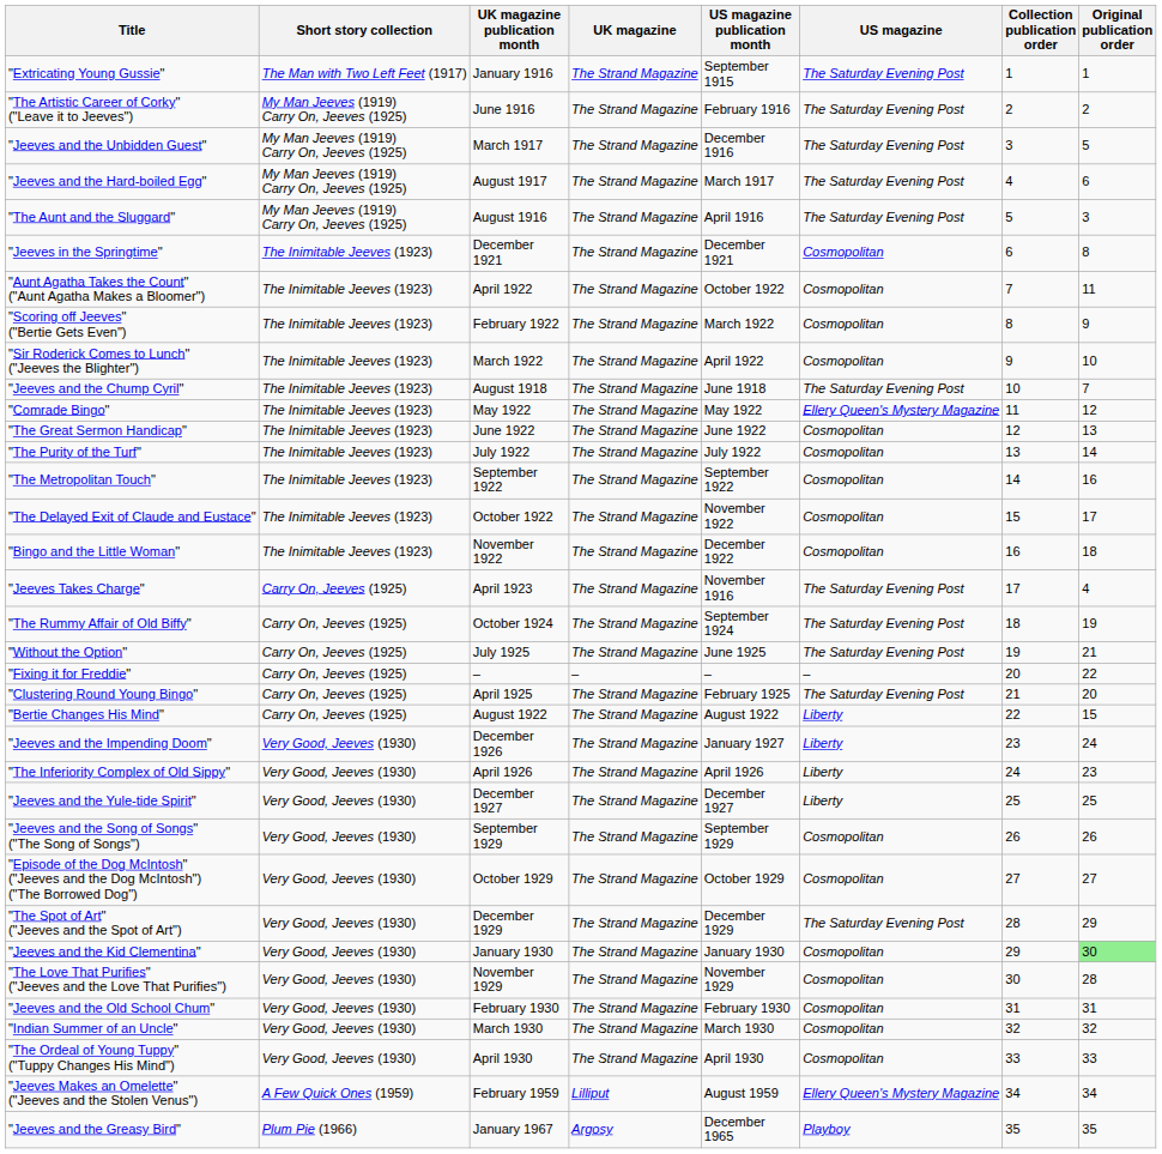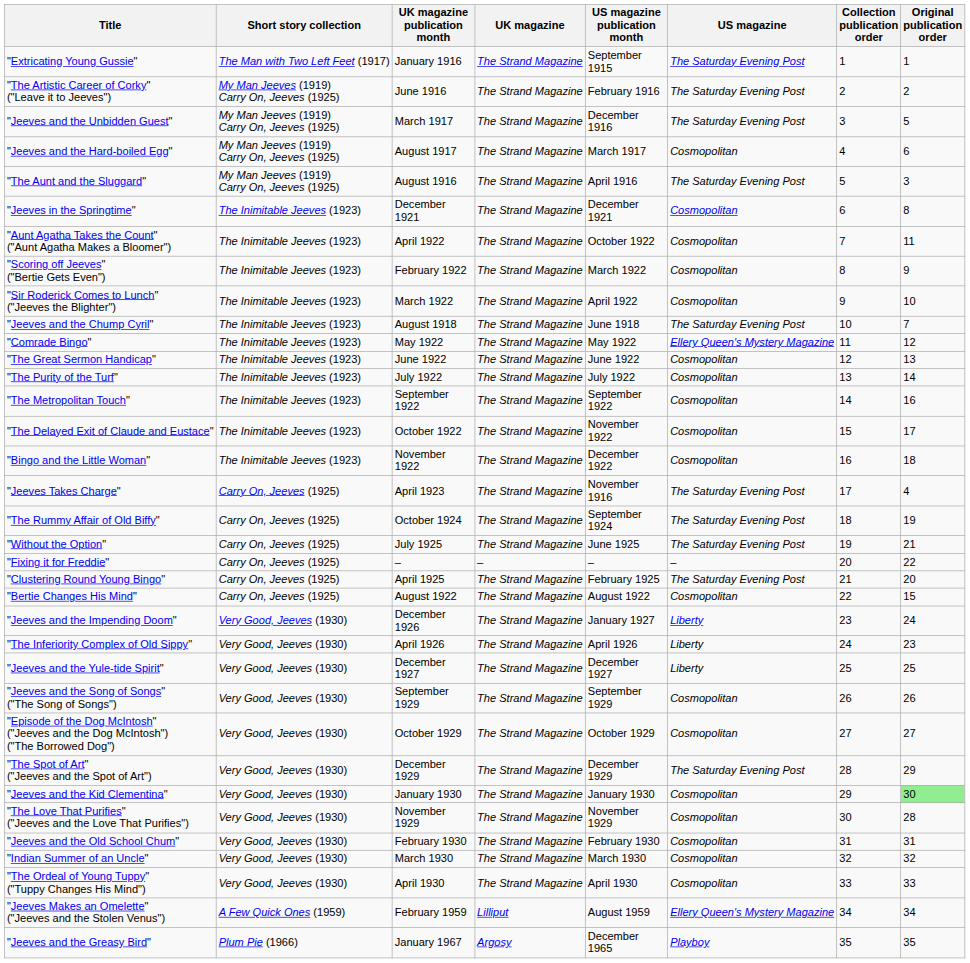 <table class="wikitable sortable">
 <tr>
 <th>Title</th>
 <th>Short story collection</th>
 <th style="width: 7em;">UK magazine publication month</th>
 <th>UK magazine</th>
 <th style="width: 7em;">US magazine publication month</th>
 <th>US magazine</th>
 <th style="width: 1em;">Collection publication order</th>
 <th style="width: 1em;">Original publication order</th>
 </tr>
 <tr>
 <td>"<a href='#'>Extricating Young Gussie</a>"</td>
 <td data-sort-value="1917"><em><a href='#'>The Man with Two Left Feet</a></em> (1917)</td>
 <td data-sort-value="1916-01">January 1916</td>
 <td data-sort-value="Strand"><em><a href='#'>The Strand Magazine</a></em></td>
 <td data-sort-value="1915-09">September 1915</td>
 <td data-sort-value="Saturday"><em><a href='#'>The Saturday Evening Post</a></em></td>
 <td>1</td>
 <td>1</td>
 </tr>
 <tr>
 <td>"<a href='#'>The Artistic Career of Corky</a>"<br>("Leave it to Jeeves")</td>
 <td data-sort-value="1919"><em><a href='#'>My Man Jeeves</a></em> (1919)<br><em>Carry On, Jeeves</em> (1925)<br></td>
 <td data-sort-value="1916-06">June 1916</td>
 <td data-sort-value="Strand"><em>The Strand Magazine</em></td>
 <td data-sort-value="1916-02">February 1916</td>
 <td data-sort-value="Saturday"><em>The Saturday Evening Post</em></td>
 <td>2</td>
 <td>2</td>
 </tr>
 <tr>
 <td>"<a href='#'>Jeeves and the Unbidden Guest</a>"</td>
 <td data-sort-value="1919"><em>My Man Jeeves</em> (1919)<br><em>Carry On, Jeeves</em> (1925)</td>
 <td data-sort-value="1917-03">March 1917</td>
 <td data-sort-value="Strand"><em>The Strand Magazine</em></td>
 <td data-sort-value="1916-12">December 1916</td>
 <td data-sort-value="Saturday"><em>The Saturday Evening Post</em></td>
 <td>3</td>
 <td>5</td>
 </tr>
 <tr>
 <td>"<a href='#'>Jeeves and the Hard-boiled Egg</a>"</td>
 <td data-sort-value="1919"><em>My Man Jeeves</em> (1919)<br><em>Carry On, Jeeves</em> (1925)</td>
 <td data-sort-value="1917-08">August 1917</td>
 <td data-sort-value="Strand"><em>The Strand Magazine</em></td>
 <td data-sort-value="1917-03">March 1917</td>
-<td data-sort-value="Saturday"><em>The Saturday Evening Post</em></td>
+<td><em>Cosmopolitan</em></td>
 <td>4</td>
 <td>6</td>
 </tr>
 <tr>
 <td>"<a href='#'>The Aunt and the Sluggard</a>"</td>
 <td data-sort-value="1919"><em>My Man Jeeves</em> (1919)<br><em>Carry On, Jeeves</em> (1925)</td>
 <td data-sort-value="1916-08">August 1916</td>
 <td data-sort-value="Strand"><em>The Strand Magazine</em></td>
 <td data-sort-value="1916-04">April 1916</td>
 <td data-sort-value="Saturday"><em>The Saturday Evening Post</em></td>
 <td>5</td>
 <td>3</td>
 </tr>
 <tr>
 <td>"<a href='#'>Jeeves in the Springtime</a>"</td>
 <td data-sort-value="1923"><em><a href='#'>The Inimitable Jeeves</a></em> (1923)</td>
 <td data-sort-value="1921-12">December 1921</td>
 <td data-sort-value="Strand"><em>The Strand Magazine</em></td>
 <td data-sort-value="1921-12">December 1921</td>
 <td><em><a href='#'>Cosmopolitan</a></em></td>
 <td>6</td>
 <td>8</td>
 </tr>
 <tr>
 <td>"<a href='#'>Aunt Agatha Takes the Count</a>"<br>("Aunt Agatha Makes a Bloomer")</td>
 <td data-sort-value="1923"><em>The Inimitable Jeeves</em> (1923)</td>
 <td data-sort-value="1922-04">April 1922</td>
 <td data-sort-value="Strand"><em>The Strand Magazine</em></td>
 <td data-sort-value="1922-10">October 1922</td>
 <td><em>Cosmopolitan</em></td>
 <td>7</td>
 <td>11</td>
 </tr>
 <tr>
 <td>"<a href='#'>Scoring off Jeeves</a>"<br>("Bertie Gets Even")</td>
 <td data-sort-value="1923"><em>The Inimitable Jeeves</em> (1923)</td>
 <td data-sort-value="1922-02">February 1922</td>
 <td data-sort-value="Strand"><em>The Strand Magazine</em></td>
 <td data-sort-value="1922-03">March 1922</td>
 <td><em>Cosmopolitan</em></td>
 <td>8</td>
 <td>9</td>
 </tr>
 <tr>
 <td>"<a href='#'>Sir Roderick Comes to Lunch</a>"<br>("Jeeves the Blighter")</td>
 <td data-sort-value="1923"><em>The Inimitable Jeeves</em> (1923)</td>
 <td data-sort-value="1922-03">March 1922</td>
 <td data-sort-value="Strand"><em>The Strand Magazine</em></td>
 <td data-sort-value="1922-04">April 1922</td>
 <td><em>Cosmopolitan</em></td>
 <td>9</td>
 <td>10</td>
 </tr>
 <tr>
 <td>"<a href='#'>Jeeves and the Chump Cyril</a>"</td>
 <td data-sort-value="1923"><em>The Inimitable Jeeves</em> (1923)</td>
 <td data-sort-value="1918-08">August 1918</td>
 <td data-sort-value="Strand"><em>The Strand Magazine</em></td>
 <td data-sort-value="1918-06">June 1918</td>
 <td data-sort-value="Saturday"><em>The Saturday Evening Post</em></td>
 <td>10</td>
 <td>7</td>
 </tr>
 <tr>
 <td>"<a href='#'>Comrade Bingo</a>"</td>
 <td data-sort-value="1923"><em>The Inimitable Jeeves</em> (1923)</td>
 <td data-sort-value="1922-05">May 1922</td>
 <td data-sort-value="Strand"><em>The Strand Magazine</em></td>
 <td data-sort-value="1922-05">May 1922</td>
 <td><em><a href='#'>Ellery Queen's Mystery Magazine</a></em></td>
 <td>11</td>
 <td>12</td>
 </tr>
 <tr>
 <td>"<a href='#'>The Great Sermon Handicap</a>"</td>
 <td data-sort-value="1923"><em>The Inimitable Jeeves</em> (1923)</td>
 <td data-sort-value="1922-06">June 1922</td>
 <td data-sort-value="Strand"><em>The Strand Magazine</em></td>
 <td data-sort-value="1922-06">June 1922</td>
 <td><em>Cosmopolitan</em></td>
 <td>12</td>
 <td>13</td>
 </tr>
 <tr>
 <td>"<a href='#'>The Purity of the Turf</a>"</td>
 <td data-sort-value="1923"><em>The Inimitable Jeeves</em> (1923)</td>
 <td data-sort-value="1922-07">July 1922</td>
 <td data-sort-value="Strand"><em>The Strand Magazine</em></td>
 <td data-sort-value="1922-07">July 1922</td>
 <td><em>Cosmopolitan</em></td>
 <td>13</td>
 <td>14</td>
 </tr>
 <tr>
 <td>"<a href='#'>The Metropolitan Touch</a>"</td>
 <td data-sort-value="1923"><em>The Inimitable Jeeves</em> (1923)</td>
 <td data-sort-value="1922-09">September 1922</td>
 <td data-sort-value="Strand"><em>The Strand Magazine</em></td>
 <td data-sort-value="1922-09">September 1922</td>
 <td><em>Cosmopolitan</em></td>
 <td>14</td>
 <td>16</td>
 </tr>
 <tr>
 <td>"<a href='#'>The Delayed Exit of Claude and Eustace</a>"</td>
 <td data-sort-value="1923"><em>The Inimitable Jeeves</em> (1923)</td>
 <td data-sort-value="1922-10">October 1922</td>
 <td data-sort-value="Strand"><em>The Strand Magazine</em></td>
 <td data-sort-value="1922-11">November 1922</td>
 <td><em>Cosmopolitan</em></td>
 <td>15</td>
 <td>17</td>
 </tr>
 <tr>
 <td>"<a href='#'>Bingo and the Little Woman</a>"</td>
 <td data-sort-value="1923"><em>The Inimitable Jeeves</em> (1923)</td>
 <td data-sort-value="1922-11">November 1922</td>
 <td data-sort-value="Strand"><em>The Strand Magazine</em></td>
 <td data-sort-value="1922-12">December 1922</td>
 <td><em>Cosmopolitan</em></td>
 <td>16</td>
 <td>18</td>
 </tr>
 <tr>
 <td>"<a href='#'>Jeeves Takes Charge</a>"</td>
 <td data-sort-value="1925"><em><a href='#'>Carry On, Jeeves</a></em> (1925)</td>
 <td data-sort-value="1923-04">April 1923</td>
 <td data-sort-value="Strand"><em>The Strand Magazine</em></td>
 <td data-sort-value="1916-11">November 1916</td>
 <td data-sort-value="Saturday"><em>The Saturday Evening Post</em></td>
 <td>17</td>
 <td>4</td>
 </tr>
 <tr>
 <td>"<a href='#'>The Rummy Affair of Old Biffy</a>"</td>
 <td data-sort-value="1925"><em>Carry On, Jeeves</em> (1925)</td>
 <td data-sort-value="1924-10">October 1924</td>
 <td data-sort-value="Strand"><em>The Strand Magazine</em></td>
 <td data-sort-value="1924-09">September 1924</td>
 <td data-sort-value="Saturday"><em>The Saturday Evening Post</em></td>
 <td>18</td>
 <td>19</td>
 </tr>
 <tr>
 <td>"<a href='#'>Without the Option</a>"</td>
 <td data-sort-value="1925"><em>Carry On, Jeeves</em> (1925)</td>
 <td data-sort-value="1925-07">July 1925</td>
 <td data-sort-value="Strand"><em>The Strand Magazine</em></td>
 <td data-sort-value="1925-06">June 1925</td>
 <td data-sort-value="Saturday"><em>The Saturday Evening Post</em></td>
 <td>19</td>
 <td>21</td>
 </tr>
 <tr>
 <td>"<a href='#'>Fixing it for Freddie</a>"</td>
 <td data-sort-value="1925"><em>Carry On, Jeeves</em> (1925)</td>
 <td data-sort-value="9999">–</td>
 <td data-sort-value="zz">–</td>
 <td data-sort-value="9999">–</td>
 <td data-sort-value="zz">–</td>
 <td>20</td>
 <td>22</td>
 </tr>
 <tr>
 <td>"<a href='#'>Clustering Round Young Bingo</a>"</td>
 <td data-sort-value="1925"><em>Carry On, Jeeves</em> (1925)</td>
 <td data-sort-value="1925-04">April 1925</td>
 <td data-sort-value="Strand"><em>The Strand Magazine</em></td>
 <td data-sort-value="1925-02">February 1925</td>
 <td data-sort-value="Saturday"><em>The Saturday Evening Post</em></td>
 <td>21</td>
 <td>20</td>
 </tr>
 <tr>
 <td>"<a href='#'>Bertie Changes His Mind</a>"</td>
 <td data-sort-value="1925"><em>Carry On, Jeeves</em> (1925)</td>
 <td data-sort-value="1922-08">August 1922</td>
 <td data-sort-value="Strand"><em>The Strand Magazine</em></td>
 <td data-sort-value="1922-08">August 1922</td>
-<td><em><a href='#'>Liberty</a></em></td>
+<td><em>Cosmopolitan</em></td>
 <td>22</td>
 <td>15</td>
 </tr>
 <tr>
 <td>"<a href='#'>Jeeves and the Impending Doom</a>"</td>
 <td data-sort-value="1930"><em><a href='#'>Very Good, Jeeves</a></em> (1930)</td>
 <td data-sort-value="1926-12">December 1926</td>
 <td data-sort-value="Strand"><em>The Strand Magazine</em></td>
 <td data-sort-value="1927-01">January 1927</td>
 <td><em><a href='#'>Liberty</a></em></td>
 <td>23</td>
 <td>24</td>
 </tr>
 <tr>
 <td>"<a href='#'>The Inferiority Complex of Old Sippy</a>"</td>
 <td data-sort-value="1930"><em>Very Good, Jeeves</em> (1930)</td>
 <td data-sort-value="1926-04">April 1926</td>
 <td data-sort-value="Strand"><em>The Strand Magazine</em></td>
 <td data-sort-value="1926-04">April 1926</td>
 <td><em>Liberty</em></td>
 <td>24</td>
 <td>23</td>
 </tr>
 <tr>
 <td>"<a href='#'>Jeeves and the Yule-tide Spirit</a>"</td>
 <td data-sort-value="1930"><em>Very Good, Jeeves</em> (1930)</td>
 <td data-sort-value="1927-12">December 1927</td>
 <td data-sort-value="Strand"><em>The Strand Magazine</em></td>
 <td data-sort-value="1927-12">December 1927</td>
 <td><em>Liberty</em></td>
 <td>25</td>
 <td>25</td>
 </tr>
 <tr>
 <td>"<a href='#'>Jeeves and the Song of Songs</a>"<br>("The Song of Songs")</td>
 <td data-sort-value="1930"><em>Very Good, Jeeves</em> (1930)</td>
 <td data-sort-value="1929-09">September 1929</td>
 <td data-sort-value="Strand"><em>The Strand Magazine</em></td>
 <td data-sort-value="1929-09">September 1929</td>
 <td><em>Cosmopolitan</em></td>
 <td>26</td>
 <td>26</td>
 </tr>
 <tr>
 <td>"<a href='#'>Episode of the Dog McIntosh</a>"<br>("Jeeves and the Dog McIntosh")<br>("The Borrowed Dog")</td>
 <td data-sort-value="1930"><em>Very Good, Jeeves</em> (1930)</td>
 <td data-sort-value="1929-10">October 1929</td>
 <td data-sort-value="Strand"><em>The Strand Magazine</em></td>
 <td data-sort-value="1929-10">October 1929</td>
 <td><em>Cosmopolitan</em></td>
 <td>27</td>
 <td>27</td>
 </tr>
 <tr>
 <td>"<a href='#'>The Spot of Art</a>"<br>("Jeeves and the Spot of Art")</td>
 <td data-sort-value="1930"><em>Very Good, Jeeves</em> (1930)</td>
 <td data-sort-value="1929-12">December 1929</td>
 <td data-sort-value="Strand"><em>The Strand Magazine</em></td>
 <td data-sort-value="1929-12">December 1929</td>
 <td data-sort-value="Saturday"><em>The Saturday Evening Post</em></td>
 <td>28</td>
 <td>29</td>
 </tr>
 <tr>
 <td>"<a href='#'>Jeeves and the Kid Clementina</a>"</td>
 <td data-sort-value="1930"><em>Very Good, Jeeves</em> (1930)</td>
 <td data-sort-value="1930-01">January 1930</td>
 <td data-sort-value="Strand"><em>The Strand Magazine</em></td>
 <td data-sort-value="1930-01">January 1930</td>
 <td><em>Cosmopolitan</em></td>
 <td>29</td>
 <td style="background: lightgreen;">30</td>
 </tr>
 <tr>
 <td>"<a href='#'>The Love That Purifies</a>"<br>("Jeeves and the Love That Purifies")</td>
 <td data-sort-value="1930"><em>Very Good, Jeeves</em> (1930)</td>
 <td data-sort-value="1929-11">November 1929</td>
 <td data-sort-value="Strand"><em>The Strand Magazine</em></td>
 <td data-sort-value="1929-11">November 1929</td>
 <td><em>Cosmopolitan</em></td>
 <td>30</td>
 <td>28</td>
 </tr>
 <tr>
 <td>"<a href='#'>Jeeves and the Old School Chum</a>"</td>
 <td data-sort-value="1930"><em>Very Good, Jeeves</em> (1930)</td>
 <td data-sort-value="1930-02">February 1930</td>
 <td data-sort-value="Strand"><em>The Strand Magazine</em></td>
 <td data-sort-value="1930-02">February 1930</td>
 <td><em>Cosmopolitan</em></td>
 <td>31</td>
 <td>31</td>
 </tr>
 <tr>
 <td>"<a href='#'>Indian Summer of an Uncle</a>"</td>
 <td data-sort-value="1930"><em>Very Good, Jeeves</em> (1930)</td>
 <td data-sort-value="1930-03">March 1930</td>
 <td data-sort-value="Strand"><em>The Strand Magazine</em></td>
 <td data-sort-value="1930-03">March 1930</td>
 <td><em>Cosmopolitan</em></td>
 <td>32</td>
 <td>32</td>
 </tr>
 <tr>
 <td>"<a href='#'>The Ordeal of Young Tuppy</a>"<br>("Tuppy Changes His Mind")</td>
 <td data-sort-value="1930"><em>Very Good, Jeeves</em> (1930)</td>
 <td data-sort-value="1930-04">April 1930</td>
 <td data-sort-value="Strand"><em>The Strand Magazine</em></td>
 <td data-sort-value="1930-04">April 1930</td>
 <td><em>Cosmopolitan</em></td>
 <td>33</td>
 <td>33</td>
 </tr>
 <tr>
 <td>"<a href='#'>Jeeves Makes an Omelette</a>"<br>("Jeeves and the Stolen Venus")</td>
 <td data-sort-value="1959"><em><a href='#'>A Few Quick Ones</a></em> (1959)</td>
 <td data-sort-value="1959-02">February 1959</td>
 <td><em><a href='#'>Lilliput</a></em></td>
 <td data-sort-value="1959-08">August 1959</td>
 <td><em><a href='#'>Ellery Queen's Mystery Magazine</a></em></td>
 <td>34</td>
 <td>34</td>
 </tr>
 <tr>
 <td>"<a href='#'>Jeeves and the Greasy Bird</a>"</td>
 <td data-sort-value="1966"><em><a href='#'>Plum Pie</a></em> (1966)</td>
 <td data-sort-value="1967-01">January 1967</td>
 <td><em><a href='#'>Argosy</a></em></td>
 <td data-sort-value="1965-12">December 1965</td>
 <td><em><a href='#'>Playboy</a></em></td>
 <td>35</td>
 <td>35</td>
 </tr>
 </table>
